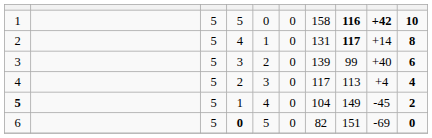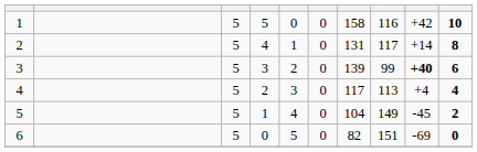 <table class="wikitable" style="text-align:center; font-size:95%">
 <tr>
 <th width="25"></th>
 <th width="200"></th>
 <th width="25"></th>
 <th width="25"></th>
 <th width="25"></th>
 <th width="25"></th>
 <th width="30"></th>
 <th width="30"></th>
 <th width="30"></th>
 <th width="30"></th>
 </tr>
 <tr style="background:#">
 <td>1</td>
 <td style="text-align:left"></td>
 <td>5</td>
 <td>5</td>
 <td>0</td>
 <td>0</td>
 <td>158</td>
-<td><strong>116</strong></td>
-<td><strong>+42</strong></td>
+<td>116</td>
+<td>+42</td>
 <td><strong>10</strong></td>
 </tr>
 <tr style="background:#">
 <td>2</td>
 <td style="text-align:left"></td>
 <td>5</td>
 <td>4</td>
 <td>1</td>
 <td>0</td>
 <td>131</td>
-<td><strong>117</strong></td>
+<td>117</td>
 <td>+14</td>
 <td><strong>8</strong></td>
 </tr>
 <tr style="background:#">
 <td>3</td>
 <td style="text-align:left"></td>
 <td>5</td>
 <td>3</td>
 <td>2</td>
 <td>0</td>
 <td>139</td>
 <td>99</td>
-<td>+40</td>
+<td><strong>+40</strong></td>
 <td><strong>6</strong></td>
 </tr>
 <tr style="background:#">
 <td>4</td>
 <td style="text-align:left"></td>
 <td>5</td>
 <td>2</td>
 <td>3</td>
 <td>0</td>
 <td>117</td>
 <td>113</td>
 <td>+4</td>
 <td><strong>4</strong></td>
 </tr>
 <tr style="background-color:#">
-<td><strong>5</strong></td>
+<td>5</td>
 <td style="text-align:left"></td>
 <td>5</td>
 <td>1</td>
 <td>4</td>
 <td>0</td>
 <td>104</td>
 <td>149</td>
 <td>-45</td>
 <td><strong>2</strong></td>
 </tr>
 <tr style="background-color:#">
 <td>6</td>
 <td style="text-align:left"></td>
 <td>5</td>
-<td><strong>0</strong></td>
+<td>0</td>
 <td>5</td>
 <td>0</td>
 <td>82</td>
 <td>151</td>
 <td>-69</td>
 <td><strong>0</strong></td>
 </tr>
 <tr>
 </tr>
 </table>
